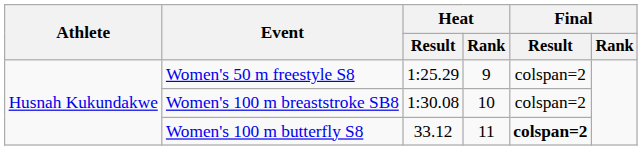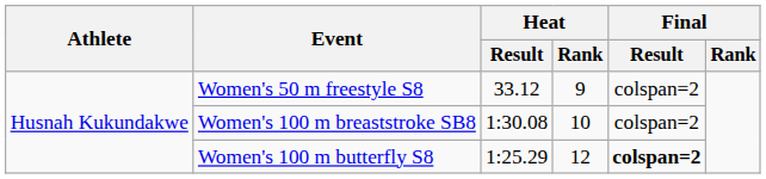 <table class=wikitable style=font-size:90%;text-align:center>
 <tr>
 <th rowspan=2>Athlete</th>
 <th rowspan=2>Event</th>
 <th colspan=2>Heat</th>
 <th colspan=2>Final</th>
 </tr>
 <tr style=font-size:95%>
 <th>Result</th>
 <th>Rank</th>
 <th>Result</th>
 <th>Rank</th>
 </tr>
 <tr>
 <td align=left rowspan=3><a href='#'>Husnah Kukundakwe</a></td>
 <td align=left><a href='#'>Women's 50 m freestyle S8</a></td>
-<td>1:25.29</td>
+<td>33.12</td>
 <td>9</td>
 <td>colspan=2 </td>
 </tr>
 <tr>
 <td align=left><a href='#'>Women's 100 m breaststroke SB8</a></td>
 <td>1:30.08</td>
 <td>10</td>
 <td>colspan=2 </td>
 </tr>
 <tr>
 <td align=left><a href='#'>Women's 100 m butterfly S8</a></td>
-<td>33.12</td>
-<td>11</td>
+<td>1:25.29</td>
+<td>12</td>
 <td><strong>colspan=2 </strong></td>
 </tr>
 </table>
